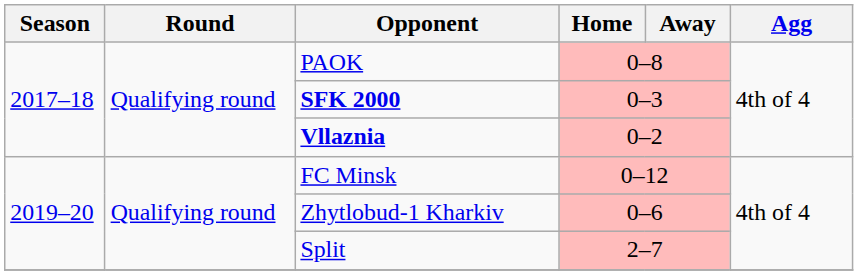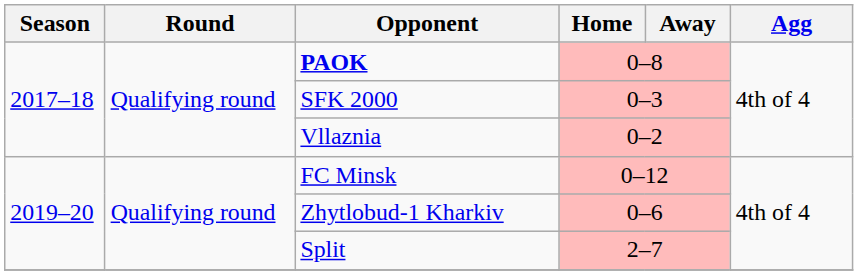 <table class="wikitable">
 <tr>
 <th width="60">Season</th>
 <th width="120">Round</th>
 <th width="170">Opponent</th>
 <th width="50">Home</th>
 <th width="50">Away</th>
 <th width="75"><a href='#'>Agg</a></th>
 </tr>
 <tr>
 <td rowspan=3><a href='#'>2017–18</a></td>
 <td rowspan="3"><a href='#'>Qualifying round</a></td>
-<td> <a href='#'>PAOK</a></td>
+<td><strong> <a href='#'>PAOK</a></strong></td>
 <td colspan="2" bgcolor="#ffbbbb" style="text-align:center;">0–8 </td>
 <td rowspan="3">4th of 4 </td>
 </tr>
 <tr>
-<td><strong> <a href='#'>SFK 2000</a></strong></td>
+<td> <a href='#'>SFK 2000</a></td>
 <td colspan="2" bgcolor="#ffbbbb" style="text-align:center;">0–3 </td>
 </tr>
 <tr>
-<td><strong> <a href='#'>Vllaznia</a></strong></td>
+<td> <a href='#'>Vllaznia</a></td>
 <td colspan="2" bgcolor="#ffbbbb" style="text-align:center;">0–2 </td>
 </tr>
 <tr>
 <td rowspan=3><a href='#'>2019–20</a></td>
 <td rowspan="3"><a href='#'>Qualifying round</a></td>
 <td> <a href='#'>FC Minsk</a></td>
 <td colspan="2" bgcolor="#ffbbbb" style="text-align:center;">0–12 </td>
 <td rowspan="3">4th of 4 </td>
 </tr>
 <tr>
 <td> <a href='#'>Zhytlobud-1 Kharkiv</a></td>
 <td colspan="2" bgcolor="#ffbbbb" style="text-align:center;">0–6 </td>
 </tr>
 <tr>
 <td> <a href='#'>Split</a></td>
 <td colspan="2" bgcolor="#ffbbbb" style="text-align:center;">2–7 </td>
 </tr>
 <tr>
 </tr>
 </table>
